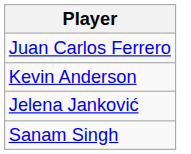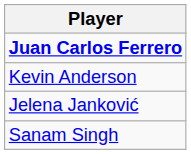 <table class="wikitable">
 <tr>
 <th>Player</th>
 </tr>
 <tr>
-<td> <a href='#'>Juan Carlos Ferrero</a></td>
+<td><strong> <a href='#'>Juan Carlos Ferrero</a></strong></td>
 </tr>
 <tr>
 <td> <a href='#'>Kevin Anderson</a></td>
 </tr>
 <tr>
 <td> <a href='#'>Jelena Janković</a></td>
 </tr>
 <tr>
 <td> <a href='#'>Sanam Singh</a></td>
 </tr>
 </table>
